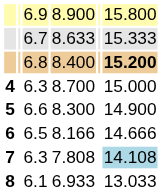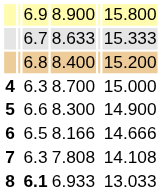 <table>
 <tr style="background:#fffcaf;">
 <th scope=row style="text-align:center"></th>
 <td align=left></td>
 <td>6.9</td>
 <td>8.900</td>
 <td></td>
 <td>15.800</td>
 </tr>
 <tr style="background:#e5e5e5;">
 <th scope=row style="text-align:center"></th>
 <td align=left></td>
 <td>6.7</td>
 <td>8.633</td>
 <td></td>
 <td>15.333</td>
 </tr>
 <tr style="background:#ec9;">
 <th scope=row style="text-align:center"></th>
 <td align=left></td>
 <td>6.8</td>
 <td>8.400</td>
 <td></td>
-<td><strong>15.200</strong></td>
+<td>15.200</td>
 </tr>
 <tr>
 <th scope=row style="text-align:center">4</th>
 <td align=left></td>
 <td>6.3</td>
 <td>8.700</td>
 <td></td>
 <td>15.000</td>
 </tr>
 <tr>
 <th scope=row style="text-align:center">5</th>
 <td align=left></td>
 <td>6.6</td>
 <td>8.300</td>
 <td></td>
 <td>14.900</td>
 </tr>
 <tr>
 <th scope=row style="text-align:center">6</th>
 <td align=left></td>
 <td>6.5</td>
 <td>8.166</td>
 <td></td>
 <td>14.666</td>
 </tr>
 <tr>
 <th scope=row style="text-align:center">7</th>
 <td align=left></td>
 <td>6.3</td>
 <td>7.808</td>
 <td></td>
-<td style="background: lightblue;">14.108</td>
+<td>14.108</td>
 </tr>
 <tr>
 <th scope=row style="text-align:center">8</th>
 <td align=left></td>
-<td>6.1</td>
+<td><strong>6.1</strong></td>
 <td>6.933</td>
 <td></td>
 <td>13.033</td>
 </tr>
 </table>
